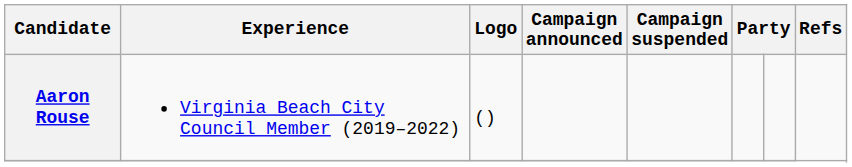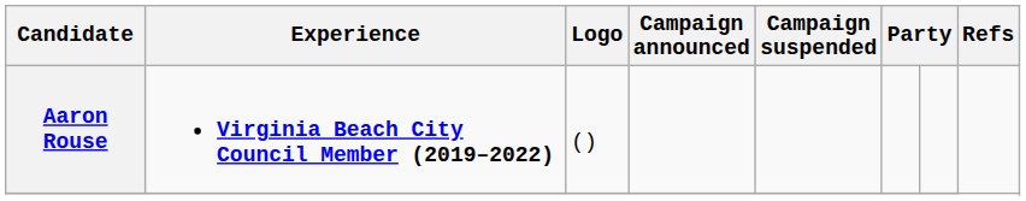 <table class="wikitable sortable">
 <tr>
 <th scope="col">Candidate</th>
 <th scope="col">Experience</th>
 <th scope="col">Logo</th>
 <th scope="col">Campaign<br>announced</th>
 <th scope="col">Campaign<br>suspended</th>
 <th scope="col" colspan="2" class="unsortable">Party</th>
 <th scope="col">Refs</th>
 </tr>
 <tr>
 <th><a href='#'>Aaron Rouse</a></th>
-<td><br><ul><li><a href='#'>Virginia Beach City Council Member</a> (2019–2022)</li></ul></td>
+<td><strong><br><ul><li><a href='#'>Virginia Beach City Council Member</a> (2019–2022)</li></ul></strong></td>
 <td><br>()</td>
 <td></td>
 <td></td>
 <td></td>
 <td></td>
 </tr>
 <tr>
 </tr>
 </table>
